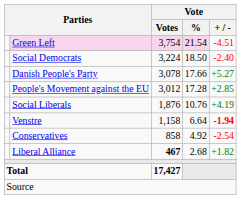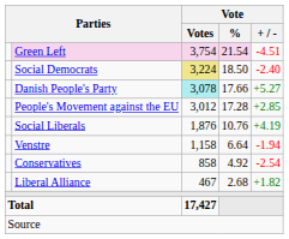 <table class="wikitable" style="text-align:right;">
 <tr>
 <th style="text-align:centre;" rowspan="2" colspan="2" width="225">Parties</th>
 <th colspan="3">Vote</th>
 </tr>
 <tr>
 <th width="15">Votes</th>
 <th width="15">%</th>
 <th width="15">+ / -</th>
 </tr>
 <tr>
 <td width="2" style="color:inherit;background:"></td>
 <td bgcolor=#f7d5ed   align="left"><a href='#'>Green Left</a></td>
 <td bgcolor=#f7d5ed>3,754</td>
 <td bgcolor=#f7d5ed>21.54</td>
 <td style=color:red;>-4.51</td>
 </tr>
 <tr>
 <td width="2" style="color:inherit;background:"></td>
 <td align="left"><a href='#'>Social Democrats</a></td>
-<td>3,224</td>
+<td style="background: khaki;">3,224</td>
 <td>18.50</td>
 <td style=color:red;>-2.40</td>
 </tr>
 <tr>
 <td width="2" style="color:inherit;background:"></td>
 <td align="left"><a href='#'>Danish People's Party</a></td>
-<td>3,078</td>
+<td style="background: paleturquoise;">3,078</td>
 <td>17.66</td>
 <td style=color:green;>+5.27</td>
 </tr>
 <tr>
 <td width="2" style="color:inherit;background:"></td>
 <td align="left"><a href='#'>People's Movement against the EU</a></td>
 <td>3,012</td>
 <td>17.28</td>
 <td style=color:green;>+2.85</td>
 </tr>
 <tr>
 <td width="2" style="color:inherit;background:"></td>
 <td align="left"><a href='#'>Social Liberals</a></td>
 <td>1,876</td>
 <td>10.76</td>
 <td style=color:green;>+4.19</td>
 </tr>
 <tr>
 <td width="2" style="color:inherit;background:"></td>
 <td align="left"><a href='#'>Venstre</a></td>
 <td>1,158</td>
 <td>6.64</td>
-<td style=color:red;><strong>-1.94</strong></td>
+<td style=color:red;>-1.94</td>
 </tr>
 <tr>
 <td width="2" style="color:inherit;background:"></td>
 <td align="left"><a href='#'>Conservatives</a></td>
 <td>858</td>
 <td>4.92</td>
 <td style=color:red;>-2.54</td>
 </tr>
 <tr>
 <td width="2" style="color:inherit;background:"></td>
 <td align="left"><a href='#'>Liberal Alliance</a></td>
-<td><strong>467</strong></td>
+<td>467</td>
 <td>2.68</td>
 <td style=color:green;>+1.82</td>
 </tr>
 <tr>
 <td colspan="7" bgcolor="#E9E9E9"></td>
 </tr>
 <tr>
 <td align="left" colspan="2"><strong>Total</strong></td>
 <td><strong>17,427</strong></td>
 <td bgcolor="#E9E9E9" colspan="2"></td>
 </tr>
 <tr>
 <td align="left" colspan="6">Source</td>
 </tr>
 </table>
